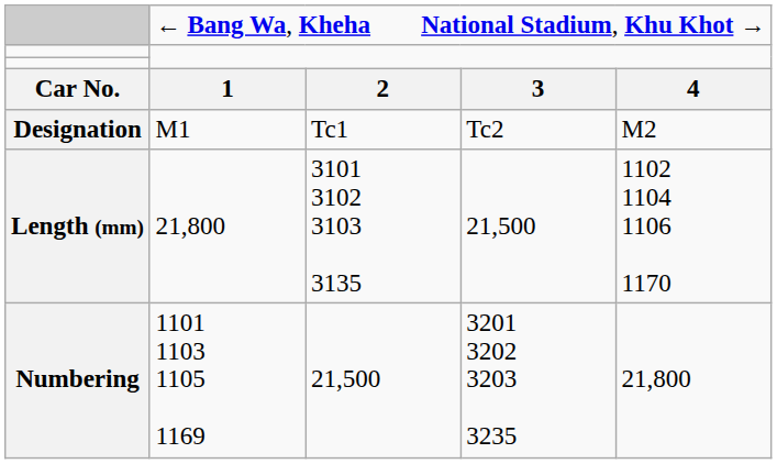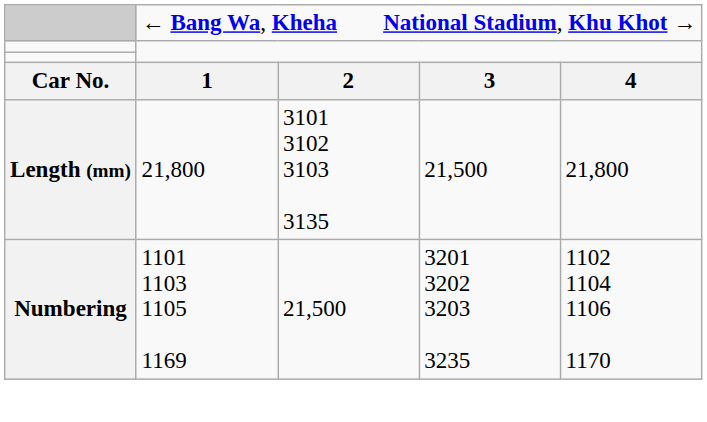 <table class="wikitable">
 <tr>
 <td style="background-color:#ccc;"> </td>
 <td colspan="4">← <a href='#'><strong>Bang Wa</strong></a>, <a href='#'><strong>Kheha</strong></a>                                                   <a href='#'><strong>National Stadium</strong></a>, <strong><a href='#'>Khu Khot</a></strong> →</td>
 </tr>
 <tr>
 <td style="background:#"></td>
 </tr>
 <tr>
 <td style="background:#"></td>
 </tr>
 <tr>
 <th>Car No.</th>
 <th>1</th>
 <th>2</th>
 <th>3</th>
 <th>4</th>
 </tr>
 <tr>
-<th>Designation</th>
-<td>M1</td>
-<td>Tc1</td>
-<td>Tc2</td>
-<td>M2</td>
-</tr>
-<tr>
 <th>Length <small>(mm)</small></th>
 <td>21,800</td>
 <td>3101<br>3102<br>3103<br><br>3135</td>
 <td>21,500</td>
-<td>1102<br>1104<br>1106<br><br>1170</td>
+<td>21,800</td>
 </tr>
 <tr>
 <th>Numbering</th>
 <td>1101<br>1103<br>1105<br><br>1169</td>
 <td>21,500</td>
 <td>3201<br>3202<br>3203<br><br>3235</td>
-<td>21,800</td>
+<td>1102<br>1104<br>1106<br><br>1170</td>
 </tr>
 </table>
